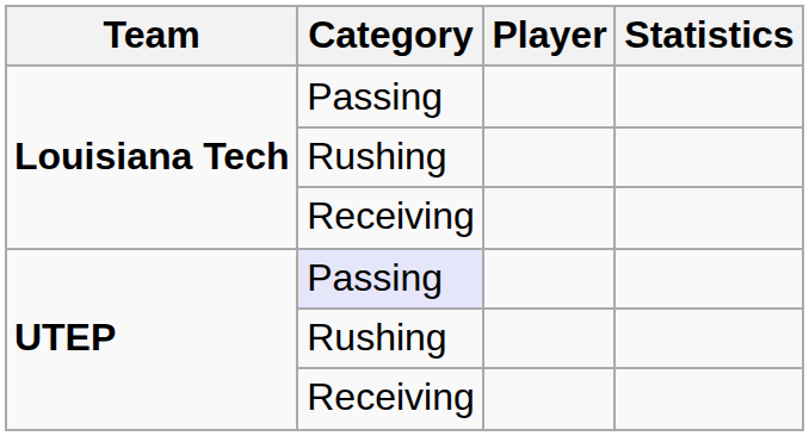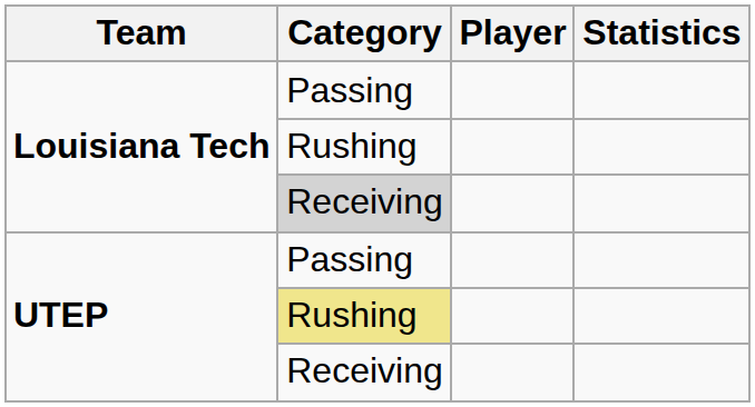 <table class="wikitable" style="float: right;">
 <tr>
 <th>Team</th>
 <th>Category</th>
 <th>Player</th>
 <th>Statistics</th>
 </tr>
 <tr>
 <td rowspan=3><strong>Louisiana Tech</strong></td>
 <td>Passing</td>
 <td></td>
 <td></td>
 </tr>
 <tr>
 <td>Rushing</td>
 <td></td>
 <td></td>
 </tr>
 <tr>
-<td>Receiving</td>
+<td style="background: lightgrey;">Receiving</td>
 <td></td>
 <td></td>
 </tr>
 <tr>
 <td rowspan=3><strong>UTEP</strong></td>
-<td style="background: lavender;">Passing</td>
+<td>Passing</td>
 <td></td>
 <td></td>
 </tr>
 <tr>
-<td>Rushing</td>
+<td style="background: khaki;">Rushing</td>
 <td></td>
 <td></td>
 </tr>
 <tr>
 <td>Receiving</td>
 <td></td>
 <td></td>
 </tr>
 </table>
